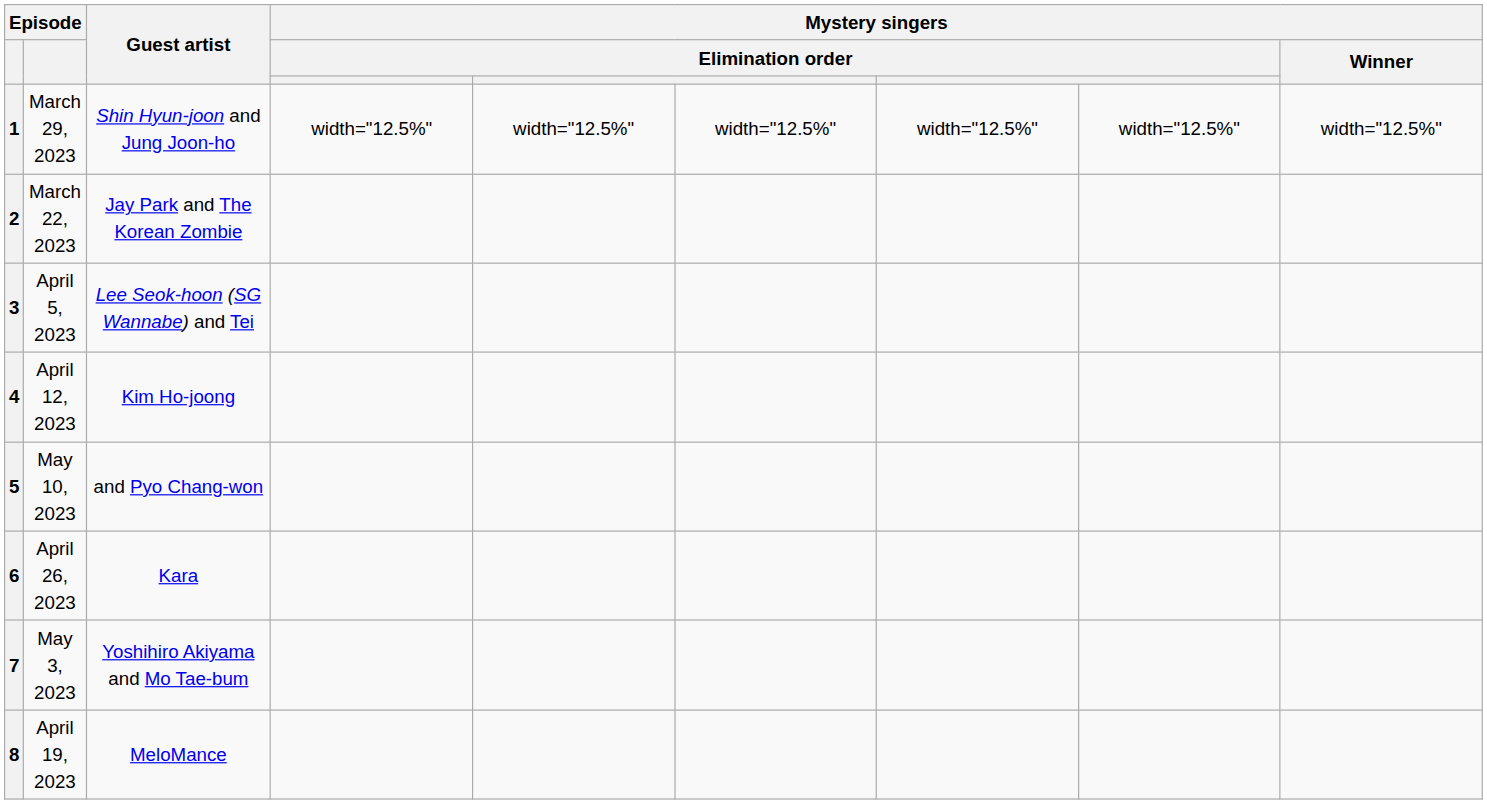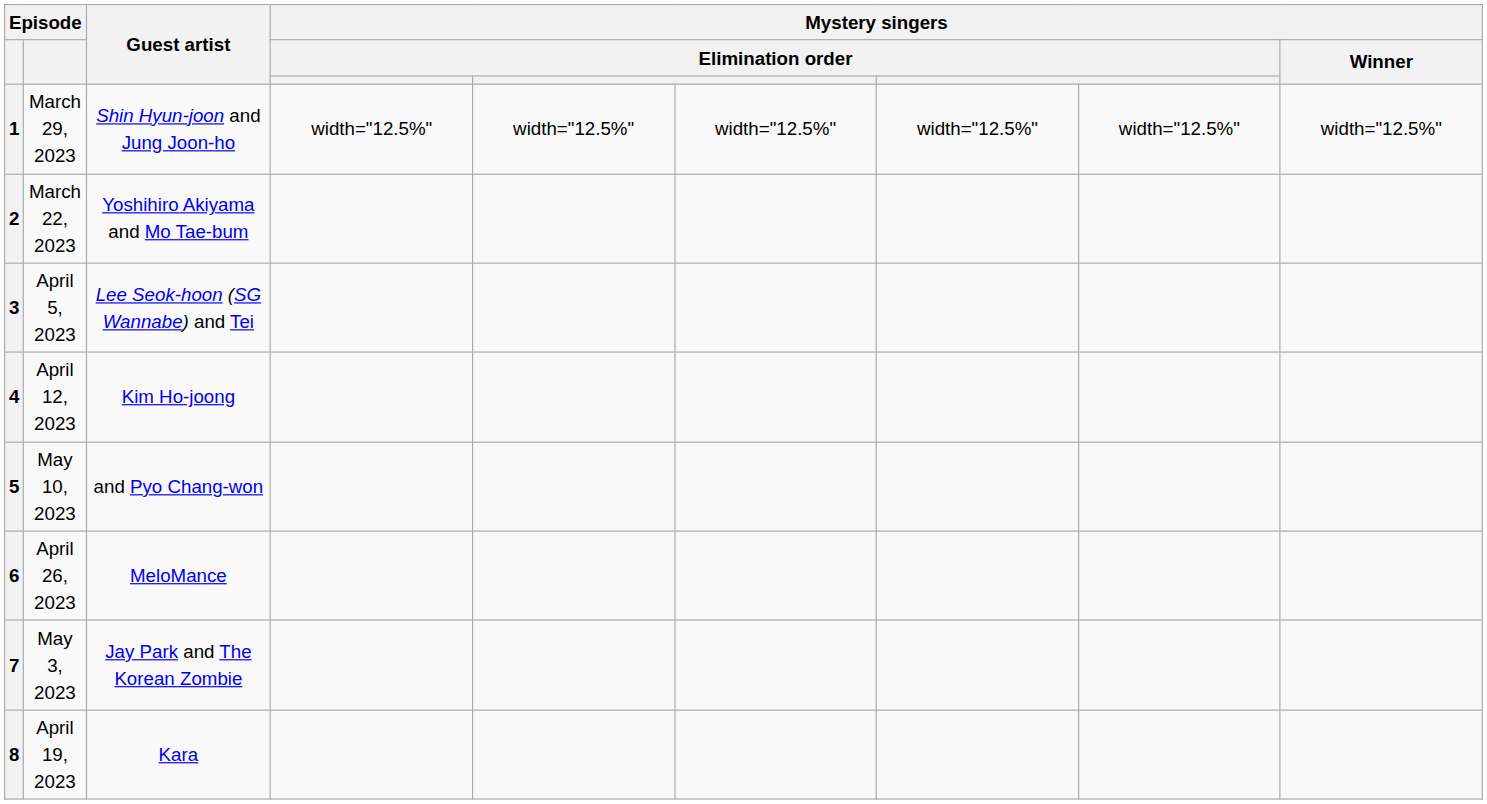 <table class="wikitable plainrowheaders mw-collapsible" style="text-align:center; line-height:23px; width:100%;">
 <tr>
 <th colspan="2" width="1%">Episode</th>
 <th rowspan="3" width="12.5%">Guest artist</th>
 <th colspan="6">Mystery singers<br></th>
 </tr>
 <tr>
 <th rowspan="2"></th>
 <th rowspan="2"></th>
 <th colspan="5">Elimination order</th>
 <th rowspan="2">Winner</th>
 </tr>
 <tr>
 <th></th>
 <th colspan="2"></th>
 <th colspan="2"></th>
 </tr>
 <tr>
 <th>1</th>
 <td>March 29, 2023</td>
 <td><em><a href='#'>Shin Hyun-joon</a></em> and <a href='#'>Jung Joon-ho</a><br></td>
 <td>width="12.5%" </td>
 <td>width="12.5%" </td>
 <td>width="12.5%" </td>
 <td>width="12.5%" </td>
 <td>width="12.5%" </td>
 <td>width="12.5%" </td>
 </tr>
 <tr>
 <th>2</th>
 <td>March 22, 2023</td>
-<td><a href='#'>Jay Park</a> and <a href='#'>The Korean Zombie</a><br></td>
+<td><a href='#'>Yoshihiro Akiyama</a> and <a href='#'>Mo Tae-bum</a><br></td>
 <td></td>
 <td></td>
 <td></td>
 <td></td>
 <td></td>
 <td></td>
 </tr>
 <tr>
 <th>3</th>
 <td>April 5, 2023</td>
 <td><em><a href='#'>Lee Seok-hoon</a> (<a href='#'>SG Wannabe</a>)</em> and <a href='#'>Tei</a></td>
 <td></td>
 <td></td>
 <td></td>
 <td></td>
 <td></td>
 <td></td>
 </tr>
 <tr>
 <th>4</th>
 <td>April 12, 2023</td>
 <td><a href='#'>Kim Ho-joong</a><br></td>
 <td></td>
 <td></td>
 <td></td>
 <td></td>
 <td></td>
 <td></td>
 </tr>
 <tr>
 <th>5</th>
 <td>May 10, 2023</td>
 <td> and <a href='#'>Pyo Chang-won</a><br></td>
 <td></td>
 <td></td>
 <td></td>
 <td></td>
 <td></td>
 <td></td>
 </tr>
 <tr>
 <th>6</th>
 <td>April 26, 2023</td>
-<td><a href='#'>Kara</a><br></td>
+<td><a href='#'>MeloMance</a><br></td>
 <td></td>
 <td></td>
 <td></td>
 <td></td>
 <td></td>
 <td></td>
 </tr>
 <tr>
 <th>7</th>
 <td>May 3, 2023</td>
-<td><a href='#'>Yoshihiro Akiyama</a> and <a href='#'>Mo Tae-bum</a><br></td>
+<td><a href='#'>Jay Park</a> and <a href='#'>The Korean Zombie</a><br></td>
 <td></td>
 <td></td>
 <td></td>
 <td></td>
 <td></td>
 <td></td>
 </tr>
 <tr>
 <th>8</th>
 <td>April 19, 2023</td>
-<td><a href='#'>MeloMance</a><br></td>
+<td><a href='#'>Kara</a><br></td>
 <td></td>
 <td></td>
 <td></td>
 <td></td>
 <td></td>
 <td></td>
 </tr>
 </table>
